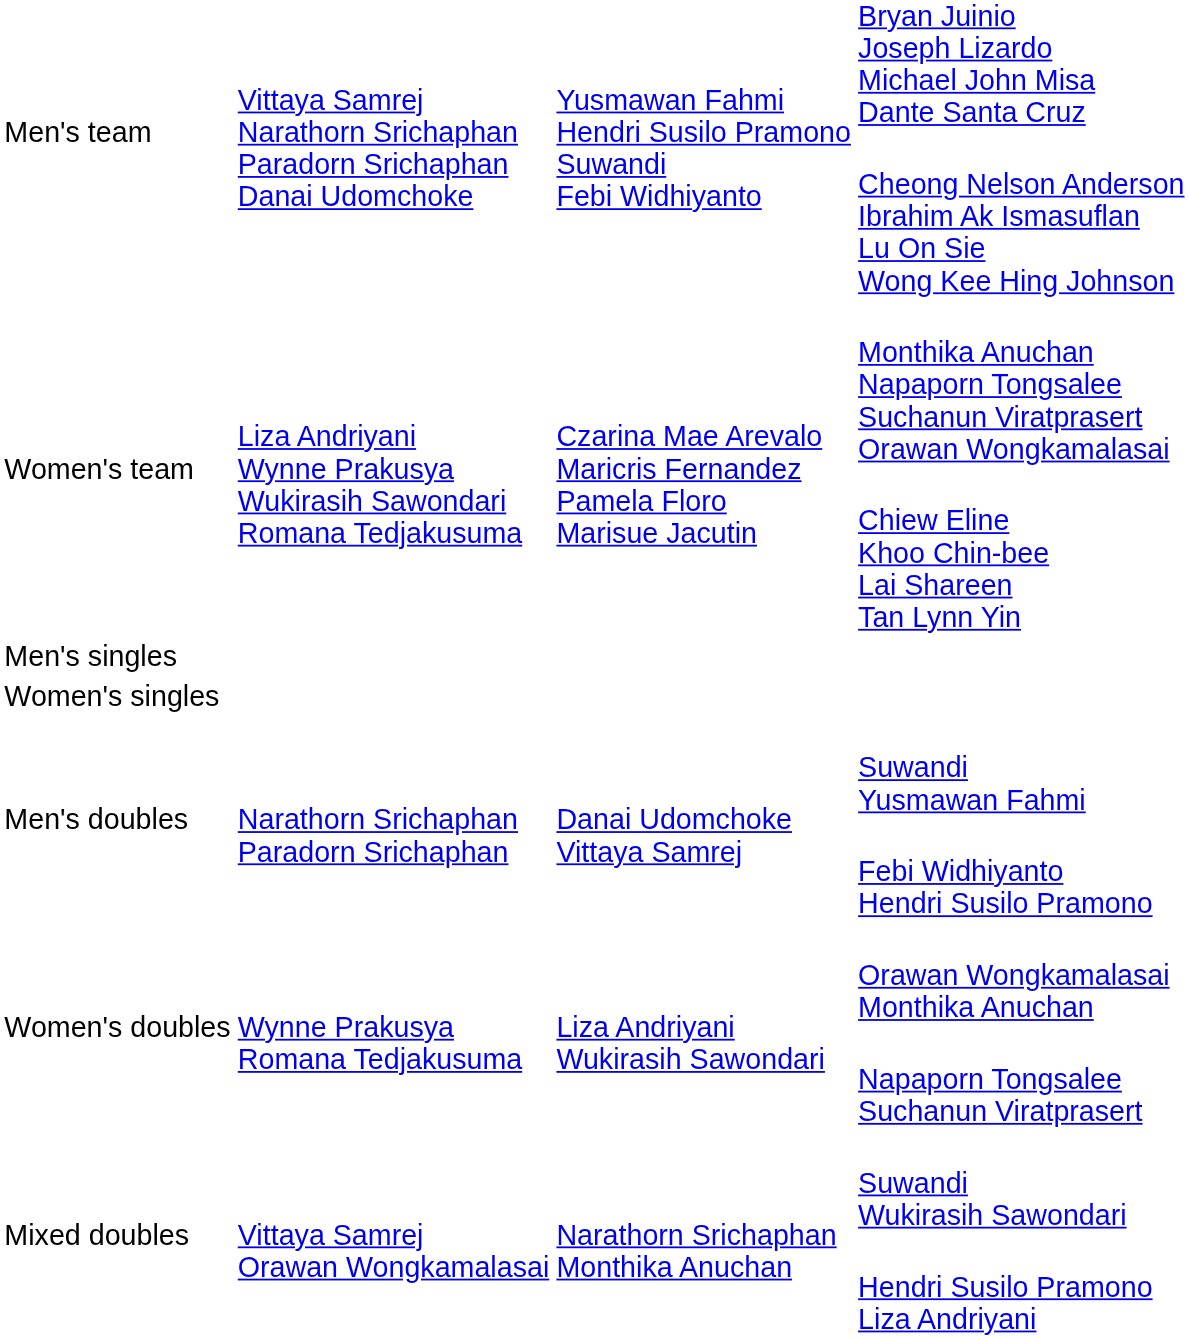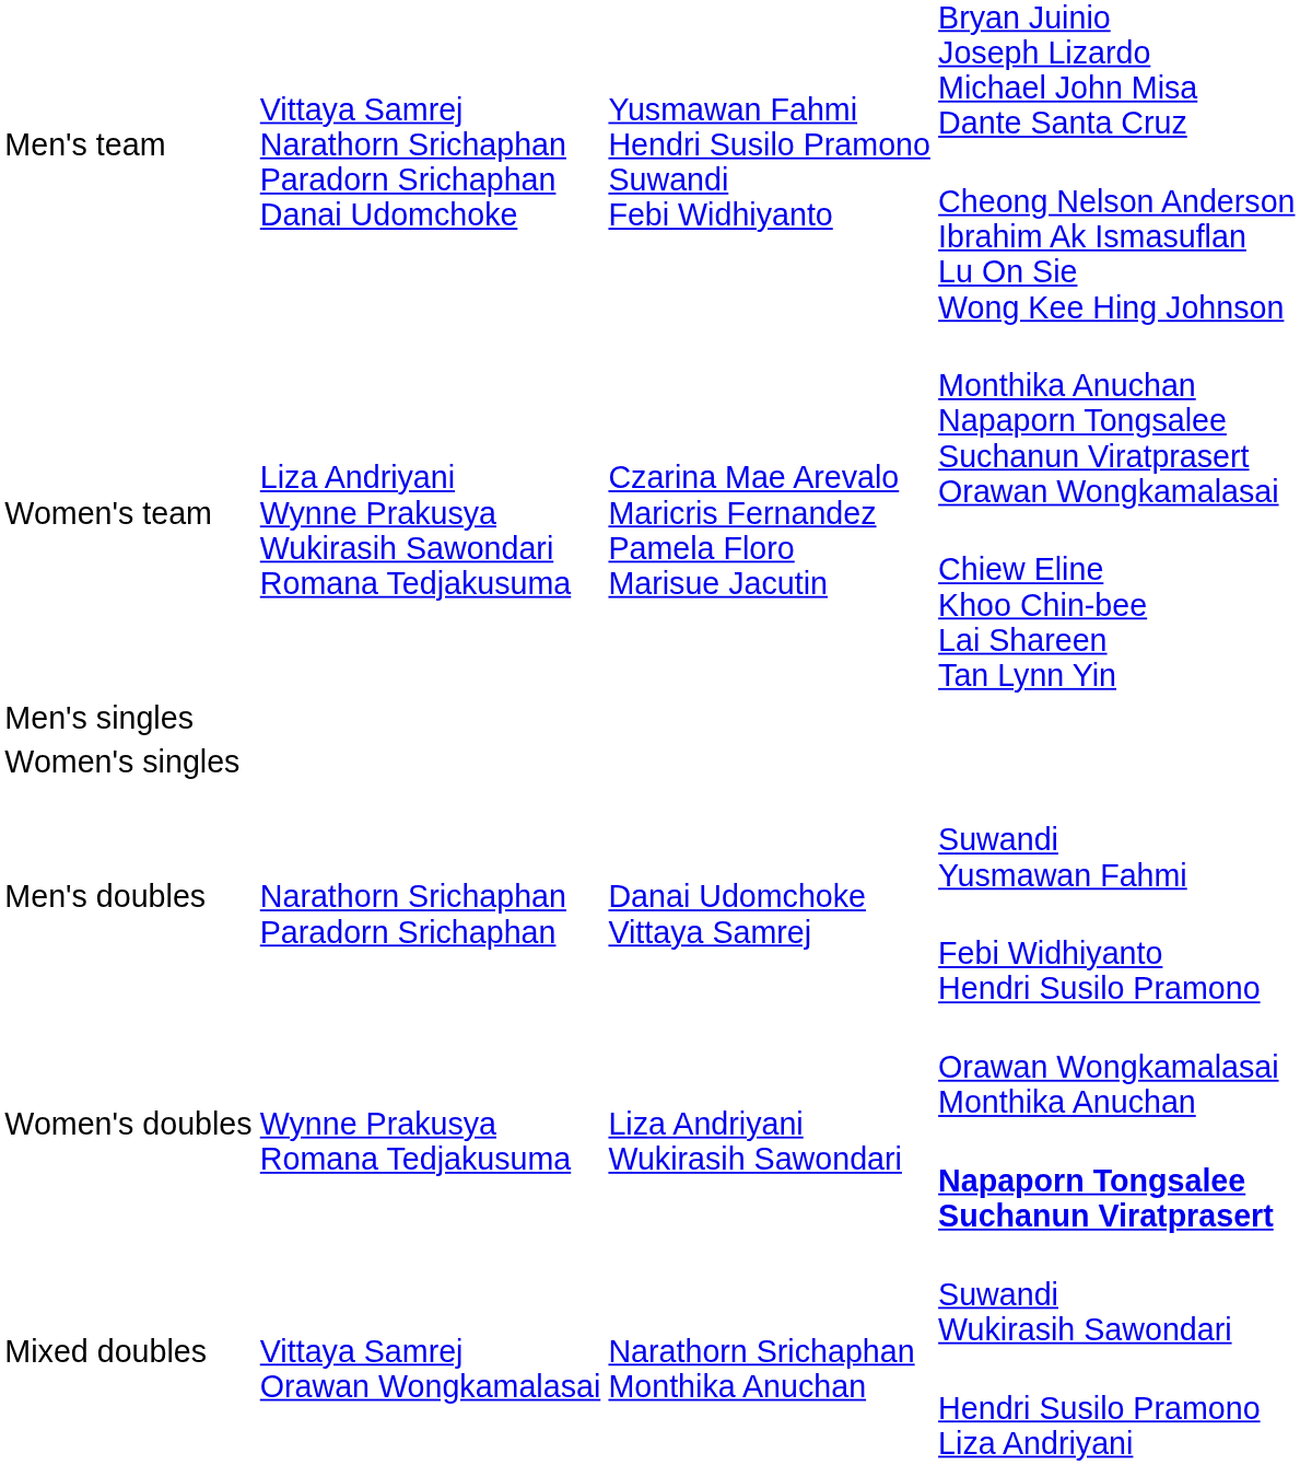 <table>
 <tr>
 <td rowspan="2">Men's team</td>
 <td rowspan="2"> <br> <a href='#'>Vittaya Samrej</a><br> <a href='#'>Narathorn Srichaphan</a> <br> <a href='#'>Paradorn Srichaphan</a> <br> <a href='#'>Danai Udomchoke</a></td>
 <td rowspan="2"> <br> <a href='#'>Yusmawan Fahmi</a> <br>  <a href='#'>Hendri Susilo Pramono</a> <br> <a href='#'>Suwandi</a><br> <a href='#'>Febi Widhiyanto</a></td>
 <td> <br> <a href='#'>Bryan Juinio</a><br> <a href='#'>Joseph Lizardo</a><br> <a href='#'>Michael John Misa</a><br> <a href='#'>Dante Santa Cruz</a></td>
 </tr>
 <tr>
 <td><br> <a href='#'>Cheong Nelson Anderson</a> <br> <a href='#'>Ibrahim Ak Ismasuflan</a><br> <a href='#'>Lu On Sie</a><br> <a href='#'>Wong Kee Hing Johnson</a></td>
 </tr>
 <tr>
 <td rowspan="2">Women's team</td>
 <td rowspan="2"> <br><a href='#'>Liza Andriyani</a><br><a href='#'>Wynne Prakusya</a> <br> <a href='#'>Wukirasih Sawondari</a><br><a href='#'>Romana Tedjakusuma</a></td>
 <td rowspan="2"><br> <a href='#'>Czarina Mae Arevalo</a> <br> <a href='#'>Maricris Fernandez</a><br> <a href='#'>Pamela Floro</a><br> <a href='#'>Marisue Jacutin</a></td>
 <td> <br> <a href='#'>Monthika Anuchan</a><br> <a href='#'>Napaporn Tongsalee</a><br> <a href='#'>Suchanun Viratprasert</a><br> <a href='#'>Orawan Wongkamalasai</a></td>
 </tr>
 <tr>
 <td> <br> <a href='#'>Chiew Eline</a> <br> <a href='#'>Khoo Chin-bee</a><br> <a href='#'>Lai Shareen</a><br> <a href='#'>Tan Lynn Yin</a></td>
 </tr>
 <tr>
 <td rowspan="2">Men's singles</td>
 <td rowspan="2"></td>
 <td rowspan="2"></td>
 <td></td>
 </tr>
 <tr>
 <td></td>
 </tr>
 <tr>
 <td rowspan="2">Women's singles</td>
 <td rowspan="2"></td>
 <td rowspan="2"></td>
 <td></td>
 </tr>
 <tr>
 <td></td>
 </tr>
 <tr>
 <td rowspan="2">Men's doubles</td>
 <td rowspan="2"> <br><a href='#'>Narathorn Srichaphan</a><br> <a href='#'>Paradorn Srichaphan</a></td>
 <td rowspan="2"> <br><a href='#'>Danai Udomchoke</a><br> <a href='#'>Vittaya Samrej</a></td>
 <td> <br><a href='#'>Suwandi</a><br> <a href='#'>Yusmawan Fahmi</a></td>
 </tr>
 <tr>
 <td> <br><a href='#'>Febi Widhiyanto</a><br> <a href='#'>Hendri Susilo Pramono</a></td>
 </tr>
 <tr>
 <td rowspan="2">Women's doubles</td>
 <td rowspan="2"> <br> <a href='#'>Wynne Prakusya</a> <br> <a href='#'>Romana Tedjakusuma</a></td>
 <td rowspan="2"> <br> <a href='#'>Liza Andriyani</a> <br> <a href='#'>Wukirasih Sawondari</a></td>
 <td> <br> <a href='#'>Orawan Wongkamalasai</a> <br> <a href='#'>Monthika Anuchan</a></td>
 </tr>
 <tr>
-<td> <br> <a href='#'>Napaporn Tongsalee</a> <br> <a href='#'>Suchanun Viratprasert</a></td>
+<td><strong> <br> <a href='#'>Napaporn Tongsalee</a> <br> <a href='#'>Suchanun Viratprasert</a></strong></td>
 </tr>
 <tr>
 <td rowspan="2">Mixed doubles</td>
 <td rowspan="2"> <br> <a href='#'>Vittaya Samrej</a> <br> <a href='#'>Orawan Wongkamalasai</a></td>
 <td rowspan="2"> <br> <a href='#'>Narathorn Srichaphan</a> <br> <a href='#'>Monthika Anuchan</a></td>
 <td> <br> <a href='#'>Suwandi</a> <br> <a href='#'>Wukirasih Sawondari</a></td>
 </tr>
 <tr>
 <td> <br> <a href='#'>Hendri Susilo Pramono</a> <br> <a href='#'>Liza Andriyani</a></td>
 </tr>
 </table>
